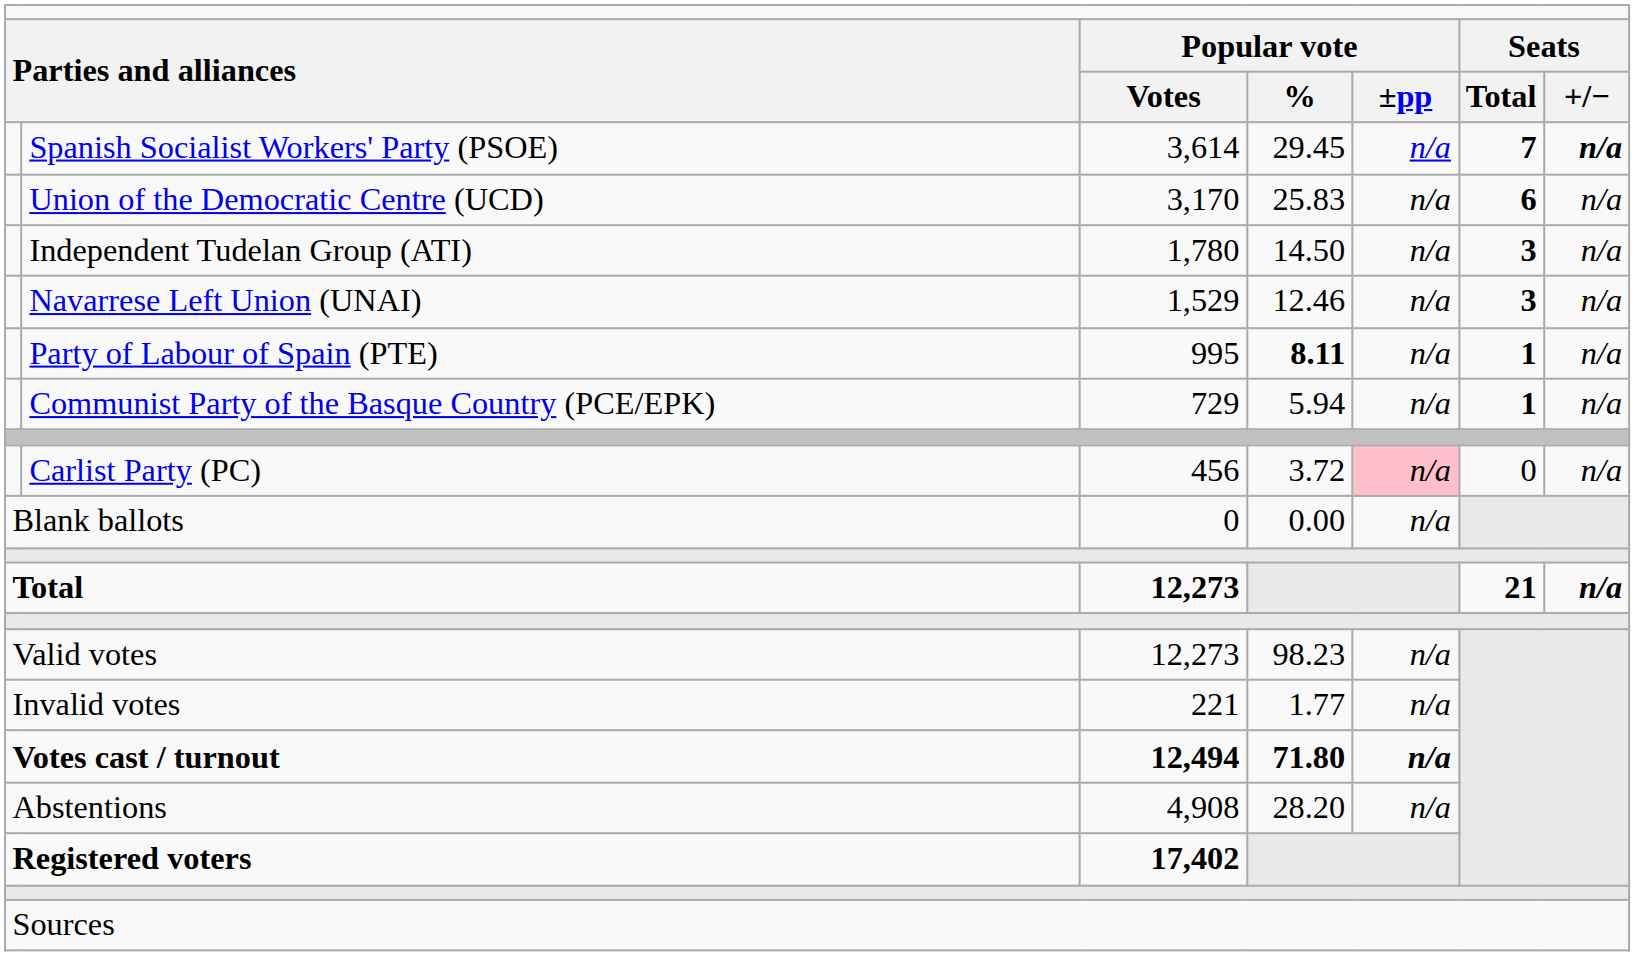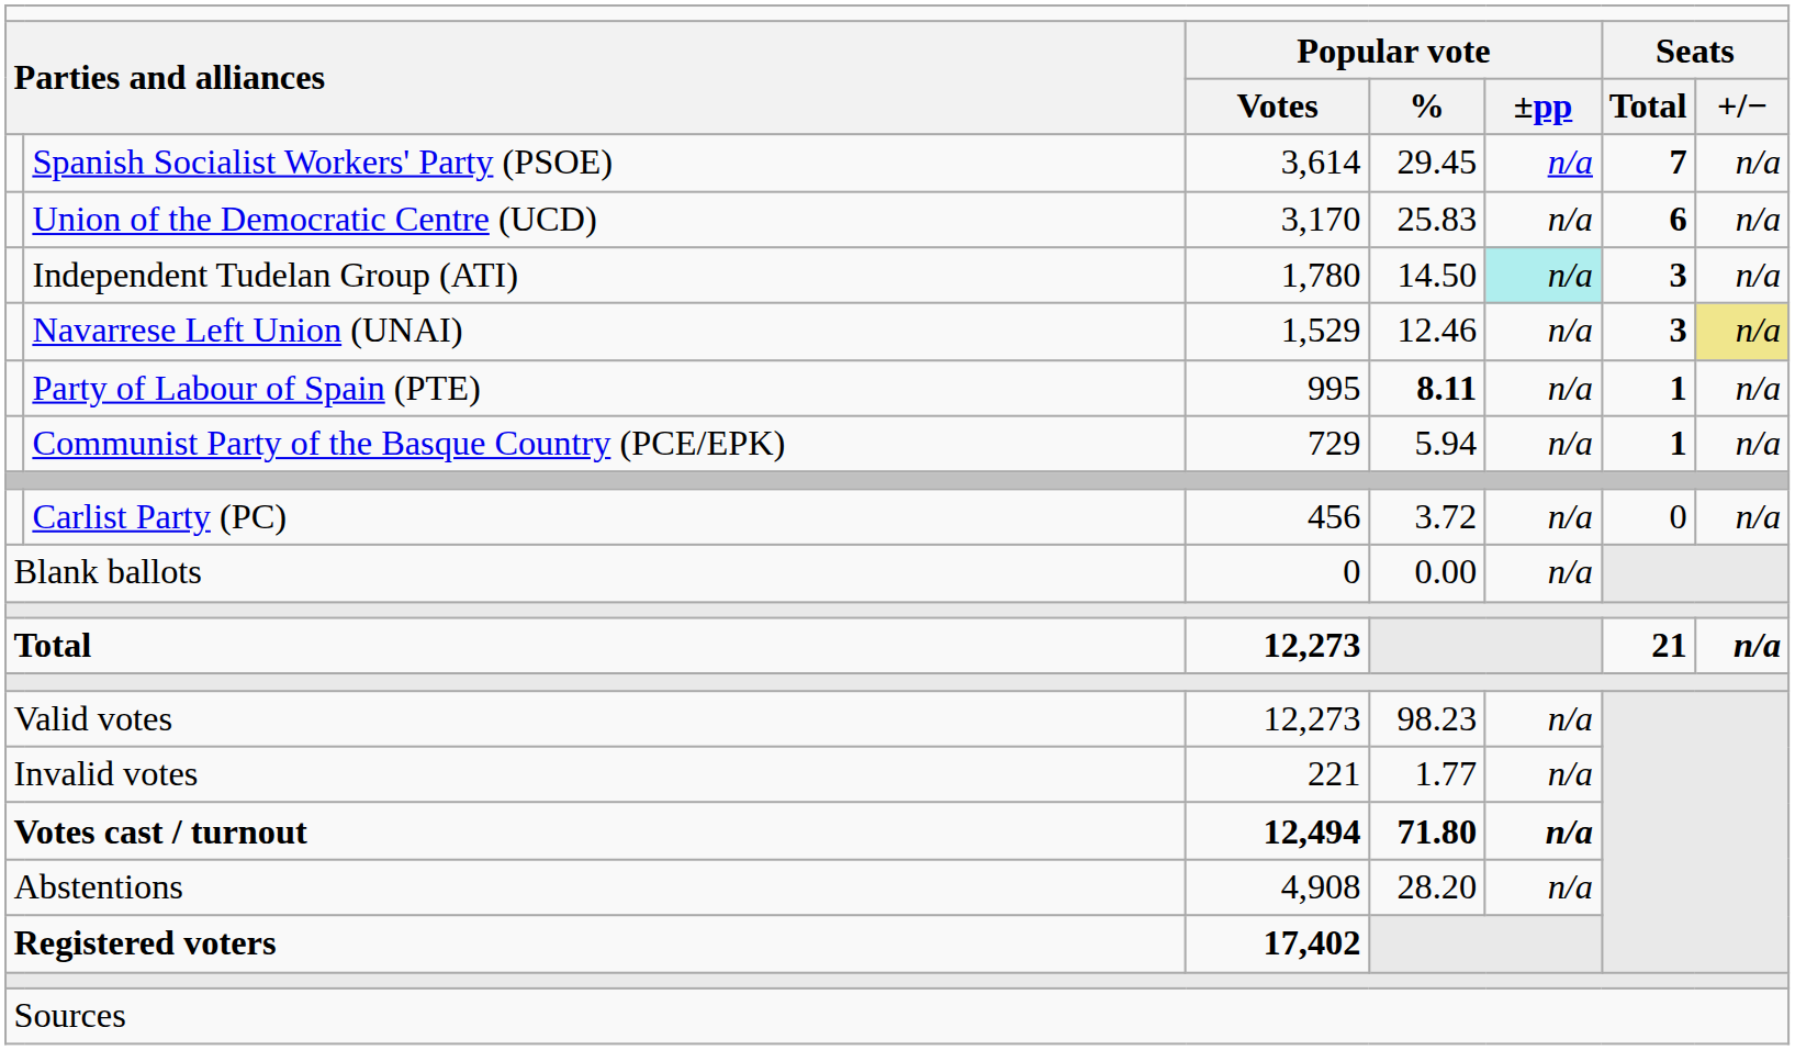 <table class="wikitable" style="text-align:right;">
 <tr>
 <td colspan="7"></td>
 </tr>
 <tr>
 <th style="text-align:left;" rowspan="2" colspan="2" width="525">Parties and alliances</th>
 <th colspan="3">Popular vote</th>
 <th colspan="2">Seats</th>
 </tr>
 <tr>
 <th width="75">Votes</th>
 <th width="45">%</th>
 <th width="45">±<a href='#'>pp</a></th>
 <th width="35">Total</th>
 <th width="35">+/−</th>
 </tr>
 <tr>
 <td width="1" style="color:inherit;background:"></td>
 <td align="left"><a href='#'>Spanish Socialist Workers' Party</a> (PSOE)</td>
 <td>3,614</td>
 <td>29.45</td>
 <td><em><a href='#'>n/a</a></em></td>
 <td><strong>7</strong></td>
-<td><strong><em>n/a</em></strong></td>
+<td><em>n/a</em></td>
 </tr>
 <tr>
 <td style="color:inherit;background:"></td>
 <td align="left"><a href='#'>Union of the Democratic Centre</a> (UCD)</td>
 <td>3,170</td>
 <td>25.83</td>
 <td><em>n/a</em></td>
 <td><strong>6</strong></td>
 <td><em>n/a</em></td>
 </tr>
 <tr>
 <td style="color:inherit;background:"></td>
 <td align="left">Independent Tudelan Group (ATI)</td>
 <td>1,780</td>
 <td>14.50</td>
-<td><em>n/a</em></td>
+<td style="background: paleturquoise;"><em>n/a</em></td>
 <td><strong>3</strong></td>
 <td><em>n/a</em></td>
 </tr>
 <tr>
 <td style="color:inherit;background:"></td>
 <td align="left"><a href='#'>Navarrese Left Union</a> (UNAI)</td>
 <td>1,529</td>
 <td>12.46</td>
 <td><em>n/a</em></td>
 <td><strong>3</strong></td>
-<td><em>n/a</em></td>
+<td style="background: khaki;"><em>n/a</em></td>
 </tr>
 <tr>
 <td style="color:inherit;background:"></td>
 <td align="left"><a href='#'>Party of Labour of Spain</a> (PTE)</td>
 <td>995</td>
 <td><strong>8.11</strong></td>
 <td><em>n/a</em></td>
 <td><strong>1</strong></td>
 <td><em>n/a</em></td>
 </tr>
 <tr>
 <td style="color:inherit;background:"></td>
 <td align="left"><a href='#'>Communist Party of the Basque Country</a> (PCE/EPK)</td>
 <td>729</td>
 <td>5.94</td>
 <td><em>n/a</em></td>
 <td><strong>1</strong></td>
 <td><em>n/a</em></td>
 </tr>
 <tr>
 <td colspan="7" bgcolor="#C0C0C0"></td>
 </tr>
 <tr>
 <td style="color:inherit;background:"></td>
 <td align="left"><a href='#'>Carlist Party</a> (PC)</td>
 <td>456</td>
 <td>3.72</td>
-<td style="background: pink;"><em>n/a</em></td>
+<td><em>n/a</em></td>
 <td>0</td>
 <td><em>n/a</em></td>
 </tr>
 <tr>
 <td align="left" colspan="2">Blank ballots</td>
 <td>0</td>
 <td>0.00</td>
 <td><em>n/a</em></td>
 <td bgcolor="#E9E9E9" colspan="2"></td>
 </tr>
 <tr>
 <td colspan="7" bgcolor="#E9E9E9"></td>
 </tr>
 <tr style="font-weight:bold;">
 <td align="left" colspan="2">Total</td>
 <td>12,273</td>
 <td bgcolor="#E9E9E9" colspan="2"></td>
 <td>21</td>
 <td><em>n/a</em></td>
 </tr>
 <tr>
 <td colspan="7" bgcolor="#E9E9E9"></td>
 </tr>
 <tr>
 <td align="left" colspan="2">Valid votes</td>
 <td>12,273</td>
 <td>98.23</td>
 <td><em>n/a</em></td>
 <td bgcolor="#E9E9E9" colspan="2" rowspan="5"></td>
 </tr>
 <tr>
 <td align="left" colspan="2">Invalid votes</td>
 <td>221</td>
 <td>1.77</td>
 <td><em>n/a</em></td>
 </tr>
 <tr style="font-weight:bold;">
 <td align="left" colspan="2">Votes cast / turnout</td>
 <td>12,494</td>
 <td>71.80</td>
 <td><em>n/a</em></td>
 </tr>
 <tr>
 <td align="left" colspan="2">Abstentions</td>
 <td>4,908</td>
 <td>28.20</td>
 <td><em>n/a</em></td>
 </tr>
 <tr style="font-weight:bold;">
 <td align="left" colspan="2">Registered voters</td>
 <td>17,402</td>
 <td bgcolor="#E9E9E9" colspan="2"></td>
 </tr>
 <tr>
 <td colspan="7" bgcolor="#E9E9E9"></td>
 </tr>
 <tr>
 <td align="left" colspan="7">Sources</td>
 </tr>
 </table>
